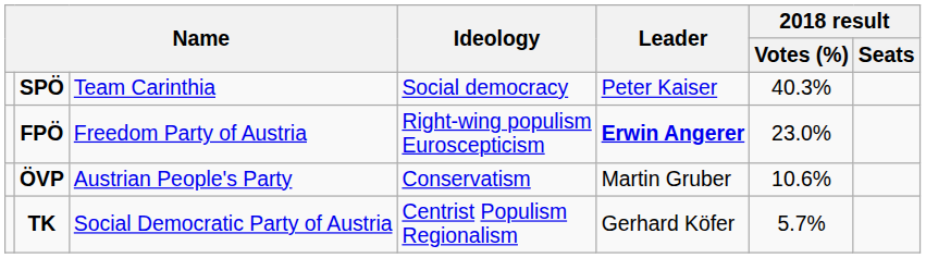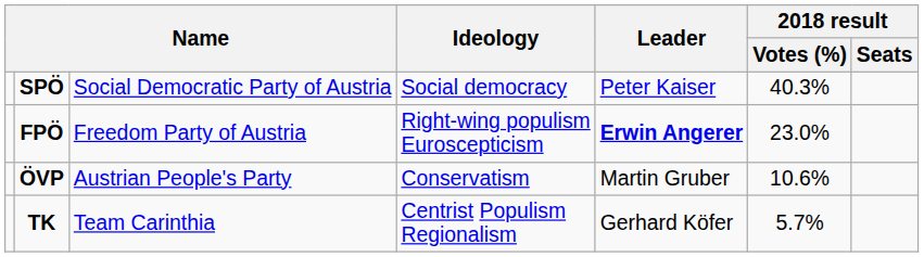 <table class="wikitable">
 <tr>
 <th rowspan="2" colspan="3">Name</th>
 <th rowspan="2">Ideology</th>
 <th rowspan="2">Leader</th>
 <th colspan="3">2018 result</th>
 </tr>
 <tr>
 <th>Votes (%)</th>
 <th>Seats</th>
 </tr>
 <tr>
 <td style="background:"></td>
 <td style="text-align:center;"><strong>SPÖ</strong></td>
-<td><a href='#'>Team Carinthia</a><br></td>
+<td><a href='#'>Social Democratic Party of Austria</a><br></td>
 <td><a href='#'>Social democracy</a></td>
 <td><a href='#'>Peter Kaiser</a></td>
 <td style="text-align:center;">40.3%</td>
 <td></td>
 </tr>
 <tr>
 <td style="background:"></td>
 <td style="text-align:center;"><strong>FPÖ</strong></td>
 <td><a href='#'>Freedom Party of Austria</a><br></td>
 <td><a href='#'>Right-wing populism</a><br><a href='#'>Euroscepticism</a></td>
 <td><strong><a href='#'>Erwin Angerer</a></strong></td>
 <td style="text-align:center;">23.0%</td>
 <td></td>
 </tr>
 <tr>
 <td style="background:"></td>
 <td style="text-align:center;"><strong>ÖVP</strong></td>
 <td><a href='#'>Austrian People's Party</a><br></td>
 <td><a href='#'>Conservatism</a></td>
 <td>Martin Gruber</td>
 <td style="text-align:center;">10.6%</td>
 <td></td>
 </tr>
 <tr>
 <td style="background:"></td>
 <td style="text-align:center;"><strong>TK</strong></td>
-<td><a href='#'>Social Democratic Party of Austria</a><br></td>
+<td><a href='#'>Team Carinthia</a><br></td>
 <td><a href='#'>Centrist</a> <a href='#'>Populism</a><br><a href='#'>Regionalism</a></td>
 <td>Gerhard Köfer</td>
 <td style="text-align:center;">5.7%</td>
 <td></td>
 </tr>
 </table>
